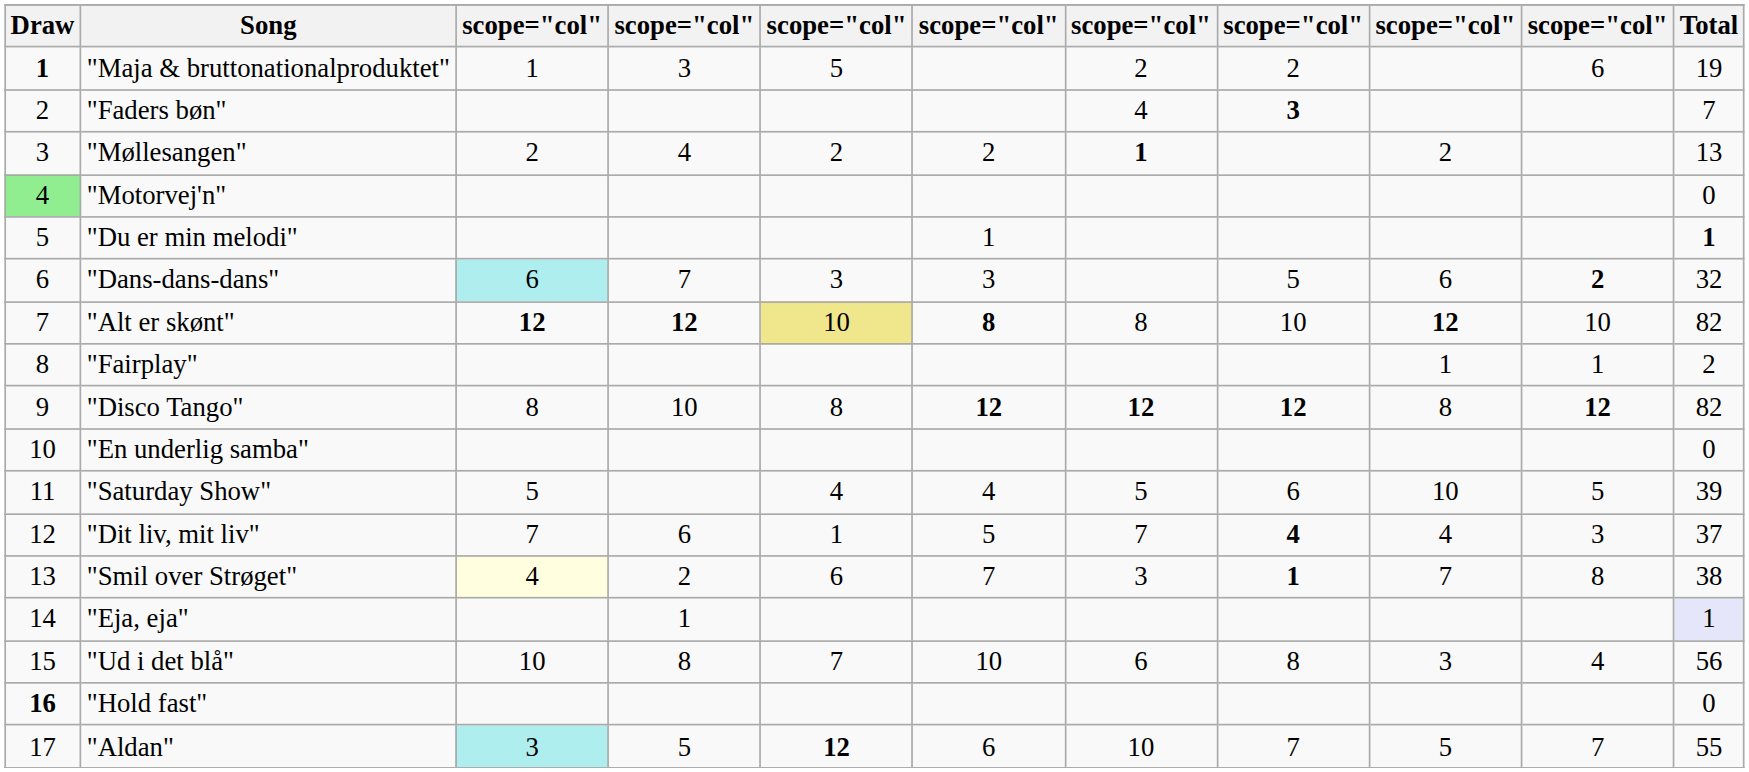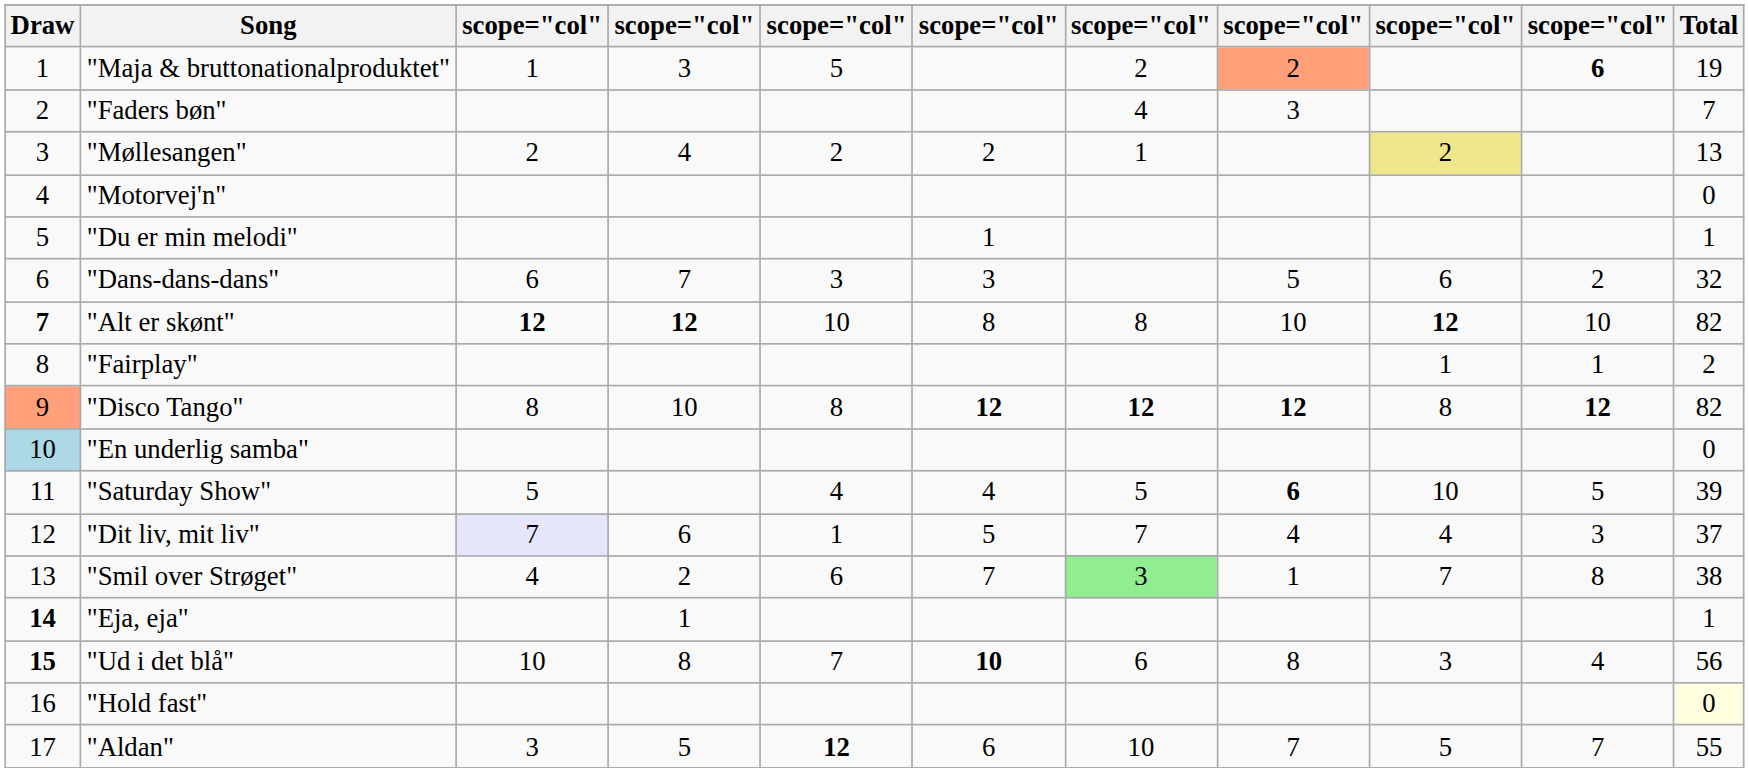 <table class="wikitable plainrowheaders" style="margin: 1em auto 1em auto; text-align:center;">
 <tr>
 </tr>
 <tr>
 <th scope="col">Draw</th>
 <th scope="col">Song</th>
 <th>scope="col" </th>
 <th>scope="col" </th>
 <th>scope="col" </th>
 <th>scope="col" </th>
 <th>scope="col" </th>
 <th>scope="col" </th>
 <th>scope="col" </th>
 <th>scope="col" </th>
 <th scope="col">Total</th>
 </tr>
 <tr>
-<td><strong>1</strong></td>
+<td>1</td>
 <td align=left>"Maja & bruttonationalproduktet"</td>
 <td>1</td>
 <td>3</td>
 <td>5</td>
 <td></td>
 <td>2</td>
-<td>2</td>
+<td style="background: lightsalmon;">2</td>
 <td></td>
-<td>6</td>
+<td><strong>6</strong></td>
 <td>19</td>
 </tr>
 <tr>
 <td>2</td>
 <td align=left>"Faders bøn"</td>
 <td></td>
 <td></td>
 <td></td>
 <td></td>
 <td>4</td>
-<td><strong>3</strong></td>
+<td>3</td>
 <td></td>
 <td></td>
 <td>7</td>
 </tr>
 <tr>
 <td>3</td>
 <td align=left>"Møllesangen"</td>
 <td>2</td>
 <td>4</td>
 <td>2</td>
 <td>2</td>
-<td><strong>1</strong></td>
+<td>1</td>
 <td></td>
-<td>2</td>
+<td style="background: khaki;">2</td>
 <td></td>
 <td>13</td>
 </tr>
 <tr>
-<td style="background: lightgreen;">4</td>
+<td>4</td>
 <td align=left>"Motorvej'n"</td>
 <td></td>
 <td></td>
 <td></td>
 <td></td>
 <td></td>
 <td></td>
 <td></td>
 <td></td>
 <td>0</td>
 </tr>
 <tr>
 <td>5</td>
 <td align=left>"Du er min melodi"</td>
 <td></td>
 <td></td>
 <td></td>
 <td>1</td>
 <td></td>
 <td></td>
 <td></td>
 <td></td>
-<td><strong>1</strong></td>
+<td>1</td>
 </tr>
 <tr>
 <td>6</td>
 <td align=left>"Dans-dans-dans"</td>
-<td style="background: paleturquoise;">6</td>
+<td>6</td>
 <td>7</td>
 <td>3</td>
 <td>3</td>
 <td></td>
 <td>5</td>
 <td>6</td>
-<td><strong>2</strong></td>
+<td>2</td>
 <td>32</td>
 </tr>
 <tr>
-<td>7</td>
+<td><strong>7</strong></td>
 <td align=left>"Alt er skønt"</td>
 <td><strong>12</strong></td>
 <td><strong>12</strong></td>
-<td style="background: khaki;">10</td>
-<td><strong>8</strong></td>
+<td>10</td>
+<td>8</td>
 <td>8</td>
 <td>10</td>
 <td><strong>12</strong></td>
 <td>10</td>
 <td>82</td>
 </tr>
 <tr>
 <td>8</td>
 <td align=left>"Fairplay"</td>
 <td></td>
 <td></td>
 <td></td>
 <td></td>
 <td></td>
 <td></td>
 <td>1</td>
 <td>1</td>
 <td>2</td>
 </tr>
 <tr>
-<td>9</td>
+<td style="background: lightsalmon;">9</td>
 <td align=left>"Disco Tango"</td>
 <td>8</td>
 <td>10</td>
 <td>8</td>
 <td><strong>12</strong></td>
 <td><strong>12</strong></td>
 <td><strong>12</strong></td>
 <td>8</td>
 <td><strong>12</strong></td>
 <td>82</td>
 </tr>
 <tr>
-<td>10</td>
+<td style="background: lightblue;">10</td>
 <td align=left>"En underlig samba"</td>
 <td></td>
 <td></td>
 <td></td>
 <td></td>
 <td></td>
 <td></td>
 <td></td>
 <td></td>
 <td>0</td>
 </tr>
 <tr>
 <td>11</td>
 <td align=left>"Saturday Show"</td>
 <td>5</td>
 <td></td>
 <td>4</td>
 <td>4</td>
 <td>5</td>
-<td>6</td>
+<td><strong>6</strong></td>
 <td>10</td>
 <td>5</td>
 <td>39</td>
 </tr>
 <tr>
 <td>12</td>
 <td align=left>"Dit liv, mit liv"</td>
-<td>7</td>
+<td style="background: lavender;">7</td>
 <td>6</td>
 <td>1</td>
 <td>5</td>
 <td>7</td>
-<td><strong>4</strong></td>
+<td>4</td>
 <td>4</td>
 <td>3</td>
 <td>37</td>
 </tr>
 <tr>
 <td>13</td>
 <td align=left>"Smil over Strøget"</td>
-<td style="background: lightyellow;">4</td>
+<td>4</td>
 <td>2</td>
 <td>6</td>
 <td>7</td>
-<td>3</td>
-<td><strong>1</strong></td>
+<td style="background: lightgreen;">3</td>
+<td>1</td>
 <td>7</td>
 <td>8</td>
 <td>38</td>
 </tr>
 <tr>
-<td>14</td>
+<td><strong>14</strong></td>
 <td align=left>"Eja, eja"</td>
 <td></td>
 <td>1</td>
 <td></td>
 <td></td>
 <td></td>
 <td></td>
 <td></td>
 <td></td>
-<td style="background: lavender;">1</td>
+<td>1</td>
 </tr>
 <tr>
-<td>15</td>
+<td><strong>15</strong></td>
 <td align=left>"Ud i det blå"</td>
 <td>10</td>
 <td>8</td>
 <td>7</td>
-<td>10</td>
+<td><strong>10</strong></td>
 <td>6</td>
 <td>8</td>
 <td>3</td>
 <td>4</td>
 <td>56</td>
 </tr>
 <tr>
-<td><strong>16</strong></td>
+<td>16</td>
 <td align=left>"Hold fast"</td>
 <td></td>
 <td></td>
 <td></td>
 <td></td>
 <td></td>
 <td></td>
 <td></td>
 <td></td>
-<td>0</td>
+<td style="background: lightyellow;">0</td>
 </tr>
 <tr>
 <td>17</td>
 <td align=left>"Aldan"</td>
-<td style="background: paleturquoise;">3</td>
+<td>3</td>
 <td>5</td>
 <td><strong>12</strong></td>
 <td>6</td>
 <td>10</td>
 <td>7</td>
 <td>5</td>
 <td>7</td>
 <td>55</td>
 </tr>
 <tr>
 </tr>
 </table>
